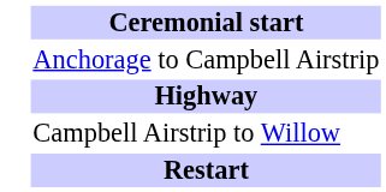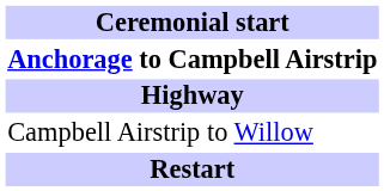 <table class="toccolours" style="float:right">
 <tr>
 <th style="text-align:center; background:#ccf;">Ceremonial start</th>
 </tr>
 <tr>
-<td><a href='#'>Anchorage</a> to Campbell Airstrip </td>
+<td><strong><a href='#'>Anchorage</a> to Campbell Airstrip </strong></td>
 </tr>
 <tr>
 <th style="text-align:center; background:#ccf;">Highway</th>
 </tr>
 <tr>
 <td>Campbell Airstrip to <a href='#'>Willow</a> </td>
 </tr>
 <tr>
 <th style="text-align:center; background:#ccf;">Restart</th>
 </tr>
 </table>
